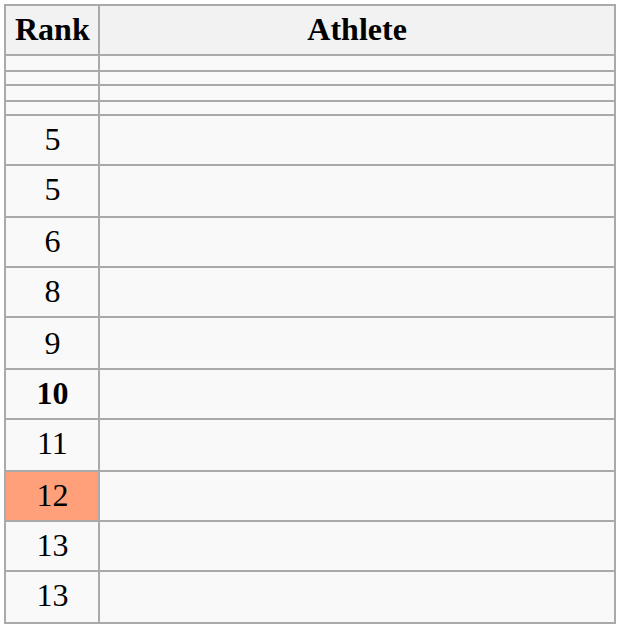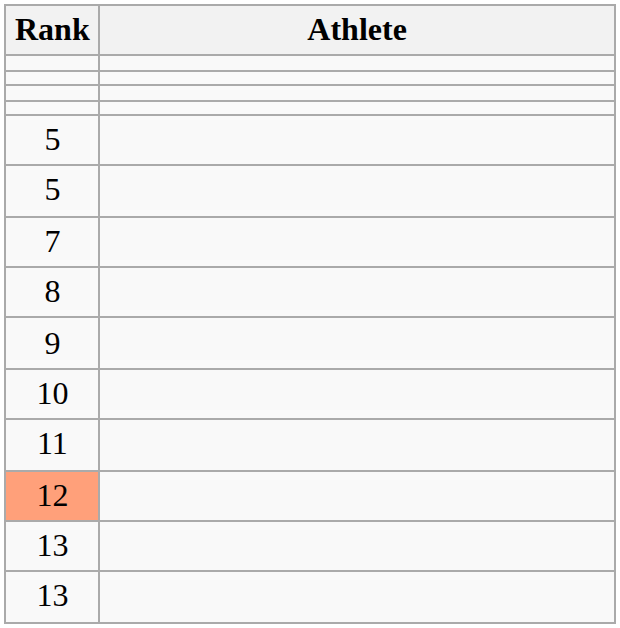 <table class="wikitable" style="text-align: center;">
 <tr>
 <th width=40>Rank</th>
 <th width=250>Athlete</th>
 </tr>
 <tr>
 <td></td>
 <td align="left"></td>
 </tr>
 <tr>
 <td></td>
 <td align="left"></td>
 </tr>
 <tr>
 <td></td>
 <td align="left"></td>
 </tr>
 <tr>
 <td></td>
 <td align="left"></td>
 </tr>
 <tr>
 <td>5</td>
 <td align="left"></td>
 </tr>
 <tr>
 <td>5</td>
 <td align="left"></td>
 </tr>
 <tr>
-<td>6</td>
+<td>7</td>
 <td align="left"></td>
 </tr>
 <tr>
 <td>8</td>
 <td align="left"></td>
 </tr>
 <tr>
 <td>9</td>
 <td align="left"></td>
 </tr>
 <tr>
-<td><strong>10</strong></td>
+<td>10</td>
 <td align="left"></td>
 </tr>
 <tr>
 <td>11</td>
 <td align="left"></td>
 </tr>
 <tr>
 <td style="background: lightsalmon;">12</td>
 <td align="left"></td>
 </tr>
 <tr>
 <td>13</td>
 <td align="left"></td>
 </tr>
 <tr>
 <td>13</td>
 <td align="left"></td>
 </tr>
 </table>
